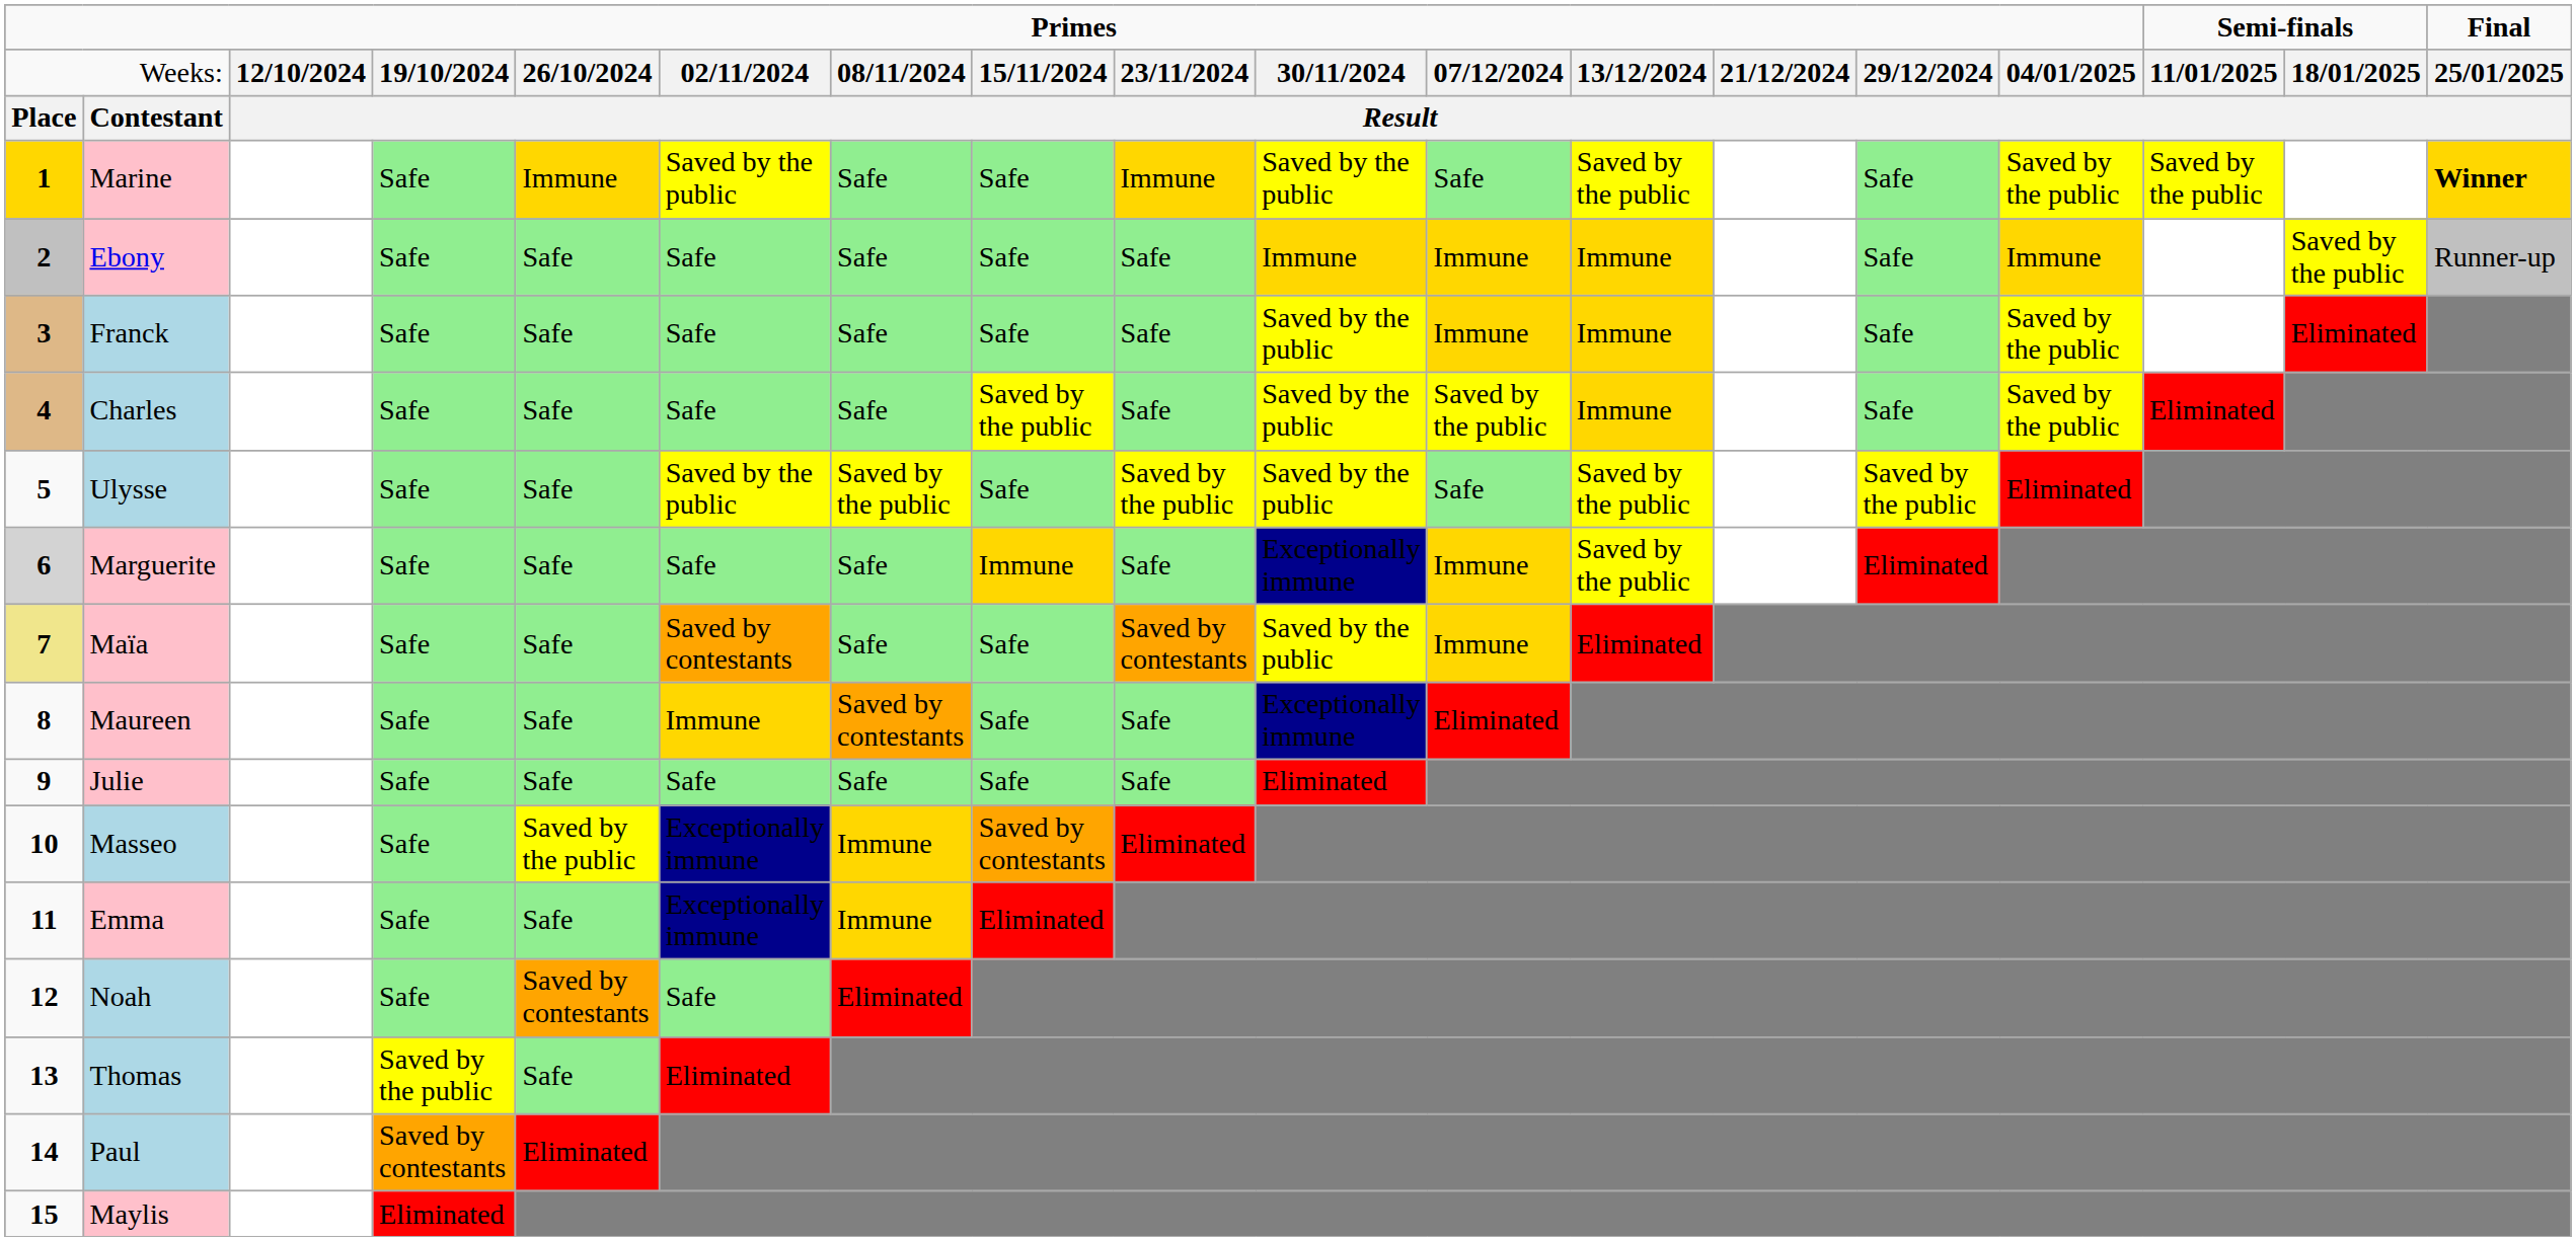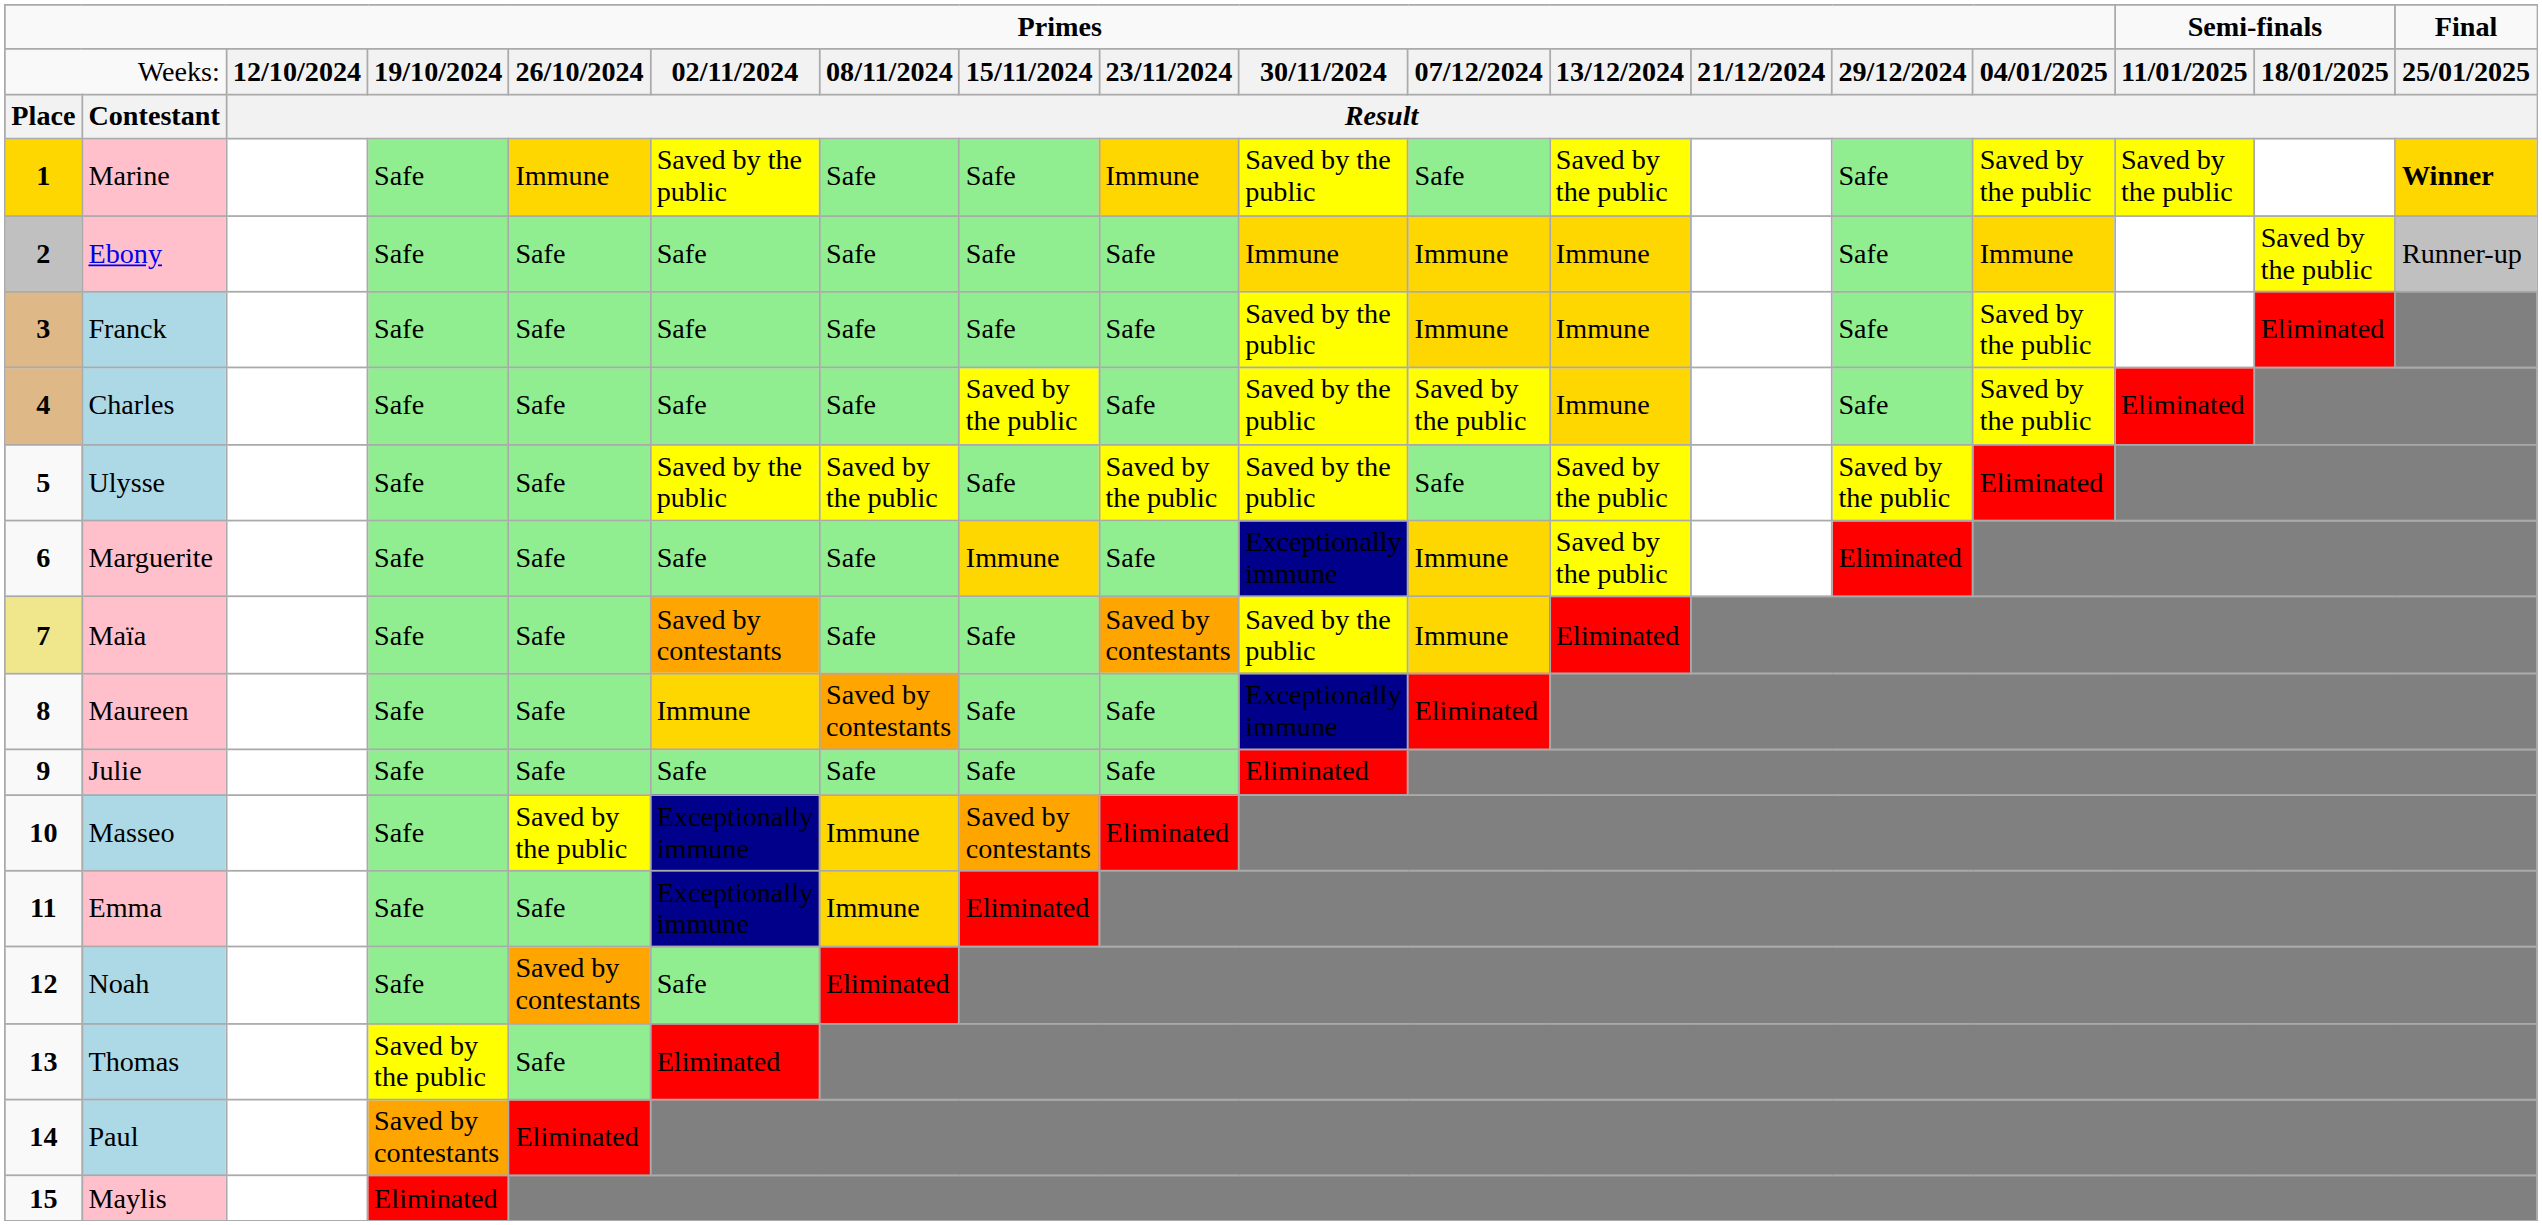 <table class="wikitable" align="center">
 <tr>
 <td colspan = "15" align="center"><strong>Primes</strong></td>
 <td colspan = "2" align="center"><strong>Semi-finals</strong></td>
 <td align="center"><strong>Final</strong></td>
 </tr>
 <tr>
 <td colspan = "2" align="right">Weeks:</td>
 <th>12/10/2024</th>
 <th>19/10/2024</th>
 <th>26/10/2024</th>
 <th>02/11/2024</th>
 <th>08/11/2024</th>
 <th>15/11/2024</th>
 <th>23/11/2024</th>
 <th>30/11/2024</th>
 <th>07/12/2024</th>
 <th>13/12/2024</th>
 <th>21/12/2024</th>
 <th>29/12/2024</th>
 <th>04/01/2025</th>
 <th>11/01/2025</th>
 <th>18/01/2025</th>
 <th>25/01/2025</th>
 </tr>
 <tr>
 <th>Place</th>
 <th>Contestant</th>
 <th colspan="16" align="center"><em>Result</em></th>
 </tr>
 <tr>
 <td style   = "text-align: center; background: gold"><strong>1</strong></td>
 <td style   = "background : pink;">Marine</td>
 <td style   = "background : white;"></td>
 <td style   = "background : lightgreen;">Safe</td>
 <td style   = "background : gold;">Immune</td>
 <td style   = "background : yellow;">Saved by the public</td>
 <td style   = "background : lightgreen;">Safe</td>
 <td style   = "background : lightgreen;">Safe</td>
 <td style   = "background : gold;">Immune</td>
 <td style   = "background : yellow;">Saved by the public</td>
 <td style   = "background : lightgreen;">Safe</td>
 <td style   = "background : yellow;">Saved by the public</td>
 <td style   = "background : white;"></td>
 <td style   = "background : lightgreen;">Safe</td>
 <td style   = "background : yellow;">Saved by the public</td>
 <td style   = "background : yellow;">Saved by the public</td>
 <td style   = "background : white;"></td>
 <td style   = "background : gold;"><strong>Winner</strong></td>
 </tr>
 <tr>
 <td style   = "text-align: center; background: Silver"><strong>2</strong></td>
 <td style   = "background : pink;"><a href='#'>Ebony</a></td>
 <td style   = "background : white;"></td>
 <td style   = "background : lightgreen;">Safe</td>
 <td style   = "background : lightgreen;">Safe</td>
 <td style   = "background : lightgreen;">Safe</td>
 <td style   = "background : lightgreen;">Safe</td>
 <td style   = "background : lightgreen;">Safe</td>
 <td style   = "background : lightgreen;">Safe</td>
 <td style   = "background : gold;">Immune</td>
 <td style   = "background : gold;">Immune</td>
 <td style   = "background : gold;">Immune</td>
 <td style   = "background : white;"></td>
 <td style   = "background : lightgreen;">Safe</td>
 <td style   = "background : gold;">Immune</td>
 <td style   = "background : white;"></td>
 <td style   = "background : yellow;">Saved by the public</td>
 <td style   = "background : silver;">Runner-up</td>
 </tr>
 <tr>
 <td style   = "text-align: center; background:BurlyWood"><strong>3</strong></td>
 <td style   = "background : lightblue;">Franck</td>
 <td style   = "background : white;"></td>
 <td style   = "background : lightgreen;">Safe</td>
 <td style   = "background : lightgreen;">Safe</td>
 <td style   = "background : lightgreen;">Safe</td>
 <td style   = "background : lightgreen;">Safe</td>
 <td style   = "background : lightgreen;">Safe</td>
 <td style   = "background : lightgreen;">Safe</td>
 <td style   = "background : yellow;">Saved by the public</td>
 <td style   = "background : gold;">Immune</td>
 <td style   = "background : gold;">Immune</td>
 <td style   = "background : white;"></td>
 <td style   = "background : lightgreen;">Safe</td>
 <td style   = "background : yellow;">Saved by the public</td>
 <td style   = "background : white;"></td>
 <td style   = "background : red;"><span>Eliminated</span></td>
 <td bgcolor = "grey"></td>
 </tr>
 <tr>
 <td style   = "text-align: center; background:BurlyWood"><strong>4</strong></td>
 <td style   = "background : lightblue;">Charles</td>
 <td style   = "background : white;"></td>
 <td style   = "background : lightgreen;">Safe</td>
 <td style   = "background : lightgreen;">Safe</td>
 <td style   = "background : lightgreen;">Safe</td>
 <td style   = "background : lightgreen;">Safe</td>
 <td style   = "background : yellow;">Saved by the public</td>
 <td style   = "background : lightgreen;">Safe</td>
 <td style   = "background : yellow;">Saved by the public</td>
 <td style   = "background : yellow;">Saved by the public</td>
 <td style   = "background : gold;">Immune</td>
 <td style   = "background : white;"></td>
 <td style   = "background : lightgreen;">Safe</td>
 <td style   = "background : yellow;">Saved by the public</td>
 <td style   = "background : red;"><span>Eliminated</span></td>
 <td colspan = "2" bgcolor = "grey"></td>
 </tr>
 <tr>
 <td align="center"><strong>5</strong></td>
 <td style   = "background : lightblue;">Ulysse</td>
 <td style   = "background : white;"></td>
 <td style   = "background : lightgreen;">Safe</td>
 <td style   = "background : lightgreen;">Safe</td>
 <td style   = "background : yellow;">Saved by the public</td>
 <td style   = "background : yellow;">Saved by the public</td>
 <td style   = "background : lightgreen;">Safe</td>
 <td style   = "background : yellow;">Saved by the public</td>
 <td style   = "background : yellow;">Saved by the public</td>
 <td style   = "background : lightgreen;">Safe</td>
 <td style   = "background : yellow;">Saved by the public</td>
 <td style   = "background : white;"></td>
 <td style   = "background : yellow;">Saved by the public</td>
 <td style   = "background : red;"><span>Eliminated</span></td>
 <td colspan = "3" bgcolor = "grey"></td>
 </tr>
 <tr>
-<td align="center" style="background: lightgrey;"><strong>6</strong></td>
+<td align="center"><strong>6</strong></td>
 <td style   = "background : pink;">Marguerite</td>
 <td style   = "background : white;"></td>
 <td style   = "background : lightgreen;">Safe</td>
 <td style   = "background : lightgreen;">Safe</td>
 <td style   = "background : lightgreen;">Safe</td>
 <td style   = "background : lightgreen;">Safe</td>
 <td style   = "background : gold;">Immune</td>
 <td style   = "background : lightgreen;">Safe</td>
 <td style   = "background : darkblue;"><span>Exceptionally immune</span></td>
 <td style   = "background : gold;">Immune</td>
 <td style   = "background : yellow;">Saved by the public</td>
 <td style   = "background : white;"></td>
 <td style   = "background : red;"><span>Eliminated</span></td>
 <td colspan = "4" bgcolor = "grey"></td>
 </tr>
 <tr>
 <td align="center" style="background: khaki;"><strong>7</strong></td>
 <td style   = "background : pink;">Maïa</td>
 <td style   = "background : white;"></td>
 <td style   = "background : lightgreen;">Safe</td>
 <td style   = "background : lightgreen;">Safe</td>
 <td style   = "background : orange;">Saved by contestants</td>
 <td style   = "background : lightgreen;">Safe</td>
 <td style   = "background : lightgreen;">Safe</td>
 <td style   = "background : orange;">Saved by contestants</td>
 <td style   = "background : yellow;">Saved by the public</td>
 <td style   = "background : gold;">Immune</td>
 <td style   = "background : red;"><span>Eliminated</span></td>
 <td colspan = "6" bgcolor ="grey"></td>
 </tr>
 <tr>
 <td align="center"><strong>8</strong></td>
 <td style   = "background : pink;">Maureen</td>
 <td style   = "background : white;"></td>
 <td style   = "background : lightgreen;">Safe</td>
 <td style   = "background : lightgreen;">Safe</td>
 <td style   = "background : gold;">Immune</td>
 <td style   = "background : orange;">Saved by contestants</td>
 <td style   = "background : lightgreen;">Safe</td>
 <td style   = "background : lightgreen;">Safe</td>
 <td style   = "background : darkblue;"><span>Exceptionally immune</span></td>
 <td style   = "background : red;"><span>Eliminated</span></td>
 <td colspan = "7" bgcolor="grey"></td>
 </tr>
 <tr>
 <td align="center"><strong>9</strong></td>
 <td style   = "background : pink;">Julie</td>
 <td style   = "background : white;"></td>
 <td style   = "background : lightgreen;">Safe</td>
 <td style   = "background : lightgreen;">Safe</td>
 <td style   = "background : lightgreen;">Safe</td>
 <td style   = "background : lightgreen;">Safe</td>
 <td style   = "background : lightgreen;">Safe</td>
 <td style   = "background : lightgreen;">Safe</td>
 <td style   = "background : red;"><span>Eliminated</span></td>
 <td colspan = "8" bgcolor="grey"></td>
 </tr>
 <tr>
 <td align=center><strong>10</strong></td>
 <td style   = "background : lightblue;">Masseo</td>
 <td style   = "background : white;"></td>
 <td style   = "background : lightgreen;">Safe</td>
 <td style   = "background : yellow;">Saved by the public</td>
 <td style   = "background : darkblue;"><span>Exceptionally immune</span></td>
 <td style   = "background : gold;">Immune</td>
 <td style   = "background : orange;">Saved by contestants</td>
 <td style   = "background : red;"><span>Eliminated</span></td>
 <td colspan = "9" bgcolor="grey"></td>
 </tr>
 <tr>
 <td align=center><strong>11</strong></td>
 <td style   = "background : pink;">Emma</td>
 <td style   = "background : white;"></td>
 <td style   = "background : lightgreen;">Safe</td>
 <td style   = "background : lightgreen;">Safe</td>
 <td style   = "background : darkblue;"><span>Exceptionally immune</span></td>
 <td style   = "background : gold;">Immune</td>
 <td style   = "background : red;"><span>Eliminated</span></td>
 <td colspan = "10" bgcolor ="grey"></td>
 </tr>
 <tr>
 <td align="center"><strong>12</strong></td>
 <td style   = "background : lightblue;">Noah</td>
 <td style   = "background : white;"></td>
 <td style   = "background : lightgreen;">Safe</td>
 <td style   = "background : orange;">Saved by contestants</td>
 <td style   = "background : lightgreen;">Safe</td>
 <td style   = "background : red;"><span>Eliminated</span></td>
 <td colspan = "11" bgcolor="grey"></td>
 </tr>
 <tr>
 <td align="center"><strong>13</strong></td>
 <td style   = "background : lightblue;">Thomas</td>
 <td style   = "background : white;"></td>
 <td style   = "background : yellow;">Saved by the public</td>
 <td style   = "background : lightgreen;">Safe</td>
 <td style   = "background : red;"><span>Eliminated</span></td>
 <td colspan = "12" bgcolor="grey"></td>
 </tr>
 <tr>
 <td align="center"><strong>14</strong></td>
 <td style   = "background : lightblue;">Paul</td>
 <td style   = "background : white;"></td>
 <td style   = "background : orange;">Saved by contestants</td>
 <td style   = "background : red;"><span>Eliminated</span></td>
 <td colspan = "13" bgcolor="grey"></td>
 </tr>
 <tr>
 <td align="center"><strong>15</strong></td>
 <td style   = "background : pink;">Maylis</td>
 <td style   = "background : white;"></td>
 <td style   = "background : red;"><span>Eliminated</span></td>
 <td colspan = "14" bgcolor="grey"></td>
 </tr>
 <tr>
 </tr>
 </table>
